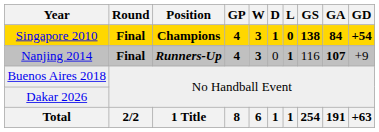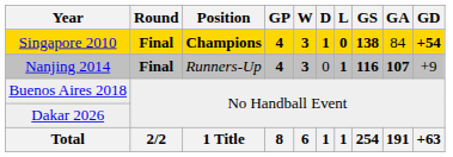 <table class="wikitable" style="text-align: center;">
 <tr>
 <th>Year</th>
 <th>Round</th>
 <th>Position</th>
 <th>GP</th>
 <th>W</th>
 <th>D</th>
 <th>L</th>
 <th>GS</th>
 <th>GA</th>
 <th>GD</th>
 </tr>
 <tr bgcolor=gold>
 <td> <a href='#'>Singapore 2010</a></td>
 <td><strong>Final</strong></td>
 <td bgcolor=gold><strong>Champions</strong></td>
 <td><strong>4</strong></td>
 <td><strong>3</strong></td>
 <td><strong>1</strong></td>
 <td><strong>0</strong></td>
 <td><strong>138</strong></td>
-<td><strong>84</strong></td>
+<td>84</td>
 <td><strong>+54</strong></td>
 </tr>
 <tr bgcolor=silver>
 <td> <a href='#'>Nanjing 2014</a></td>
 <td><strong>Final</strong></td>
-<td bgcolor=silver><strong><em>Runners-Up</em></strong></td>
+<td bgcolor=silver><em>Runners-Up</em></td>
 <td><strong>4</strong></td>
 <td><strong>3</strong></td>
 <td>0</td>
 <td><strong>1</strong></td>
-<td>116</td>
+<td><strong>116</strong></td>
 <td><strong>107</strong></td>
 <td>+9</td>
 </tr>
 <tr bgcolor="efefef">
 <td> <a href='#'>Buenos Aires 2018</a></td>
 <td colspan=10 rowspan=2>No Handball Event</td>
 </tr>
 <tr bgcolor="efefef">
 <td> <a href='#'>Dakar 2026</a></td>
 </tr>
 <tr>
 <th>Total</th>
 <th>2/2</th>
 <th><strong>1 Title</strong></th>
 <th>8</th>
 <th>6</th>
 <th>1</th>
 <th>1</th>
 <th>254</th>
 <th>191</th>
 <th>+63</th>
 </tr>
 </table>
